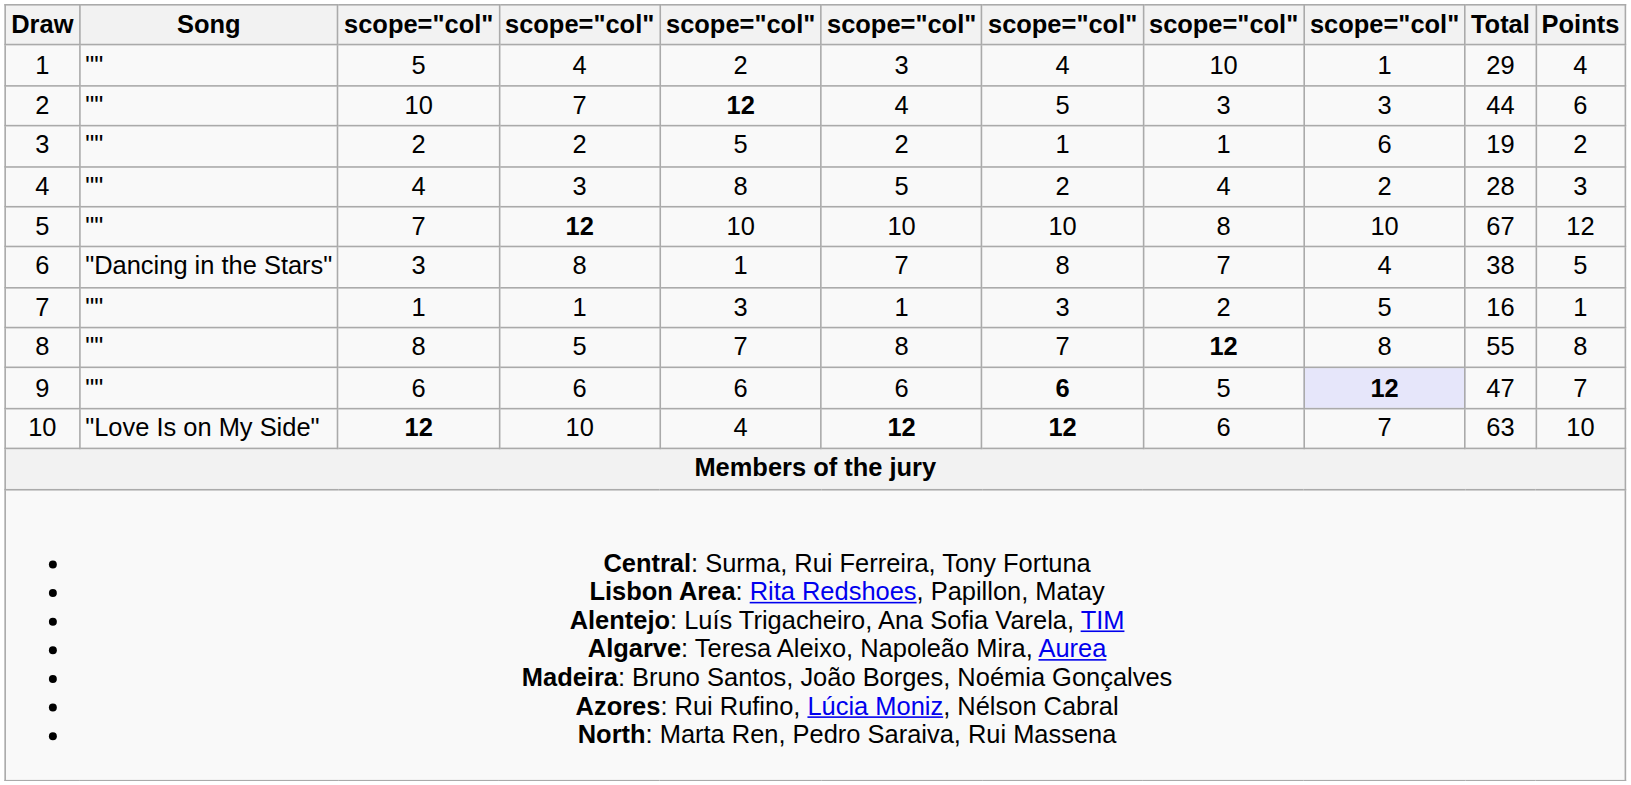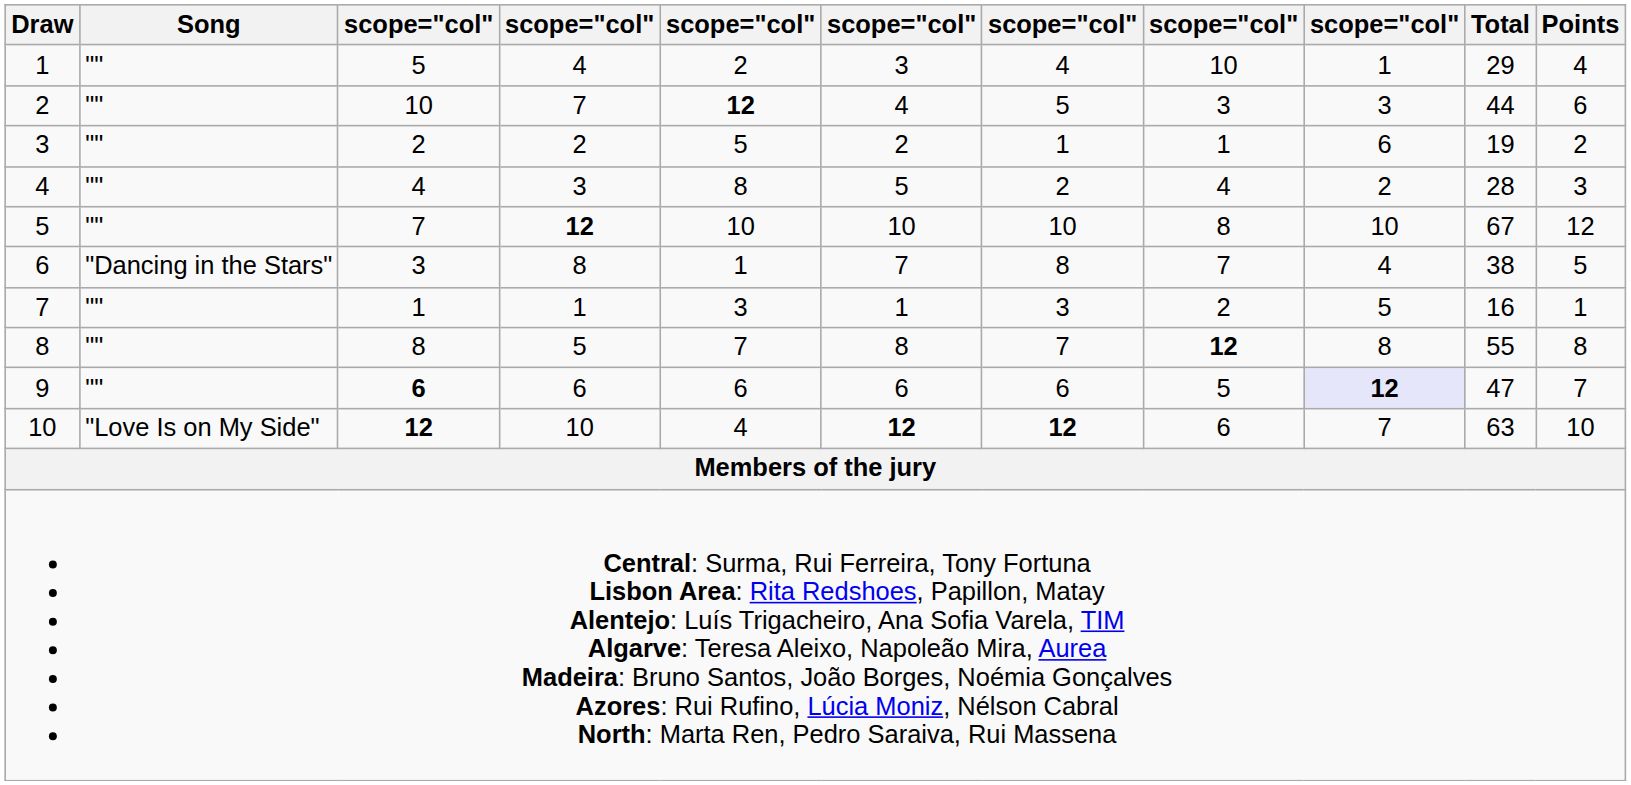 <table class="wikitable collapsible" style="margin: 1em auto 1em auto; text-align:center;">
 <tr>
 <th>Draw</th>
 <th>Song</th>
 <th>scope="col" </th>
 <th>scope="col" </th>
 <th>scope="col" </th>
 <th>scope="col" </th>
 <th>scope="col" </th>
 <th>scope="col" </th>
 <th>scope="col" </th>
 <th>Total</th>
 <th>Points</th>
 </tr>
 <tr>
 <td>1</td>
 <td align="left">""</td>
 <td>5</td>
 <td>4</td>
 <td>2</td>
 <td>3</td>
 <td>4</td>
 <td>10</td>
 <td>1</td>
 <td>29</td>
 <td>4</td>
 </tr>
 <tr>
 <td>2</td>
 <td align="left">""</td>
 <td>10</td>
 <td>7</td>
 <td><strong>12</strong></td>
 <td>4</td>
 <td>5</td>
 <td>3</td>
 <td>3</td>
 <td>44</td>
 <td>6</td>
 </tr>
 <tr>
 <td>3</td>
 <td align="left">""</td>
 <td>2</td>
 <td>2</td>
 <td>5</td>
 <td>2</td>
 <td>1</td>
 <td>1</td>
 <td>6</td>
 <td>19</td>
 <td>2</td>
 </tr>
 <tr>
 <td>4</td>
 <td align="left">""</td>
 <td>4</td>
 <td>3</td>
 <td>8</td>
 <td>5</td>
 <td>2</td>
 <td>4</td>
 <td>2</td>
 <td>28</td>
 <td>3</td>
 </tr>
 <tr>
 <td>5</td>
 <td align="left">""</td>
 <td>7</td>
 <td><strong>12</strong></td>
 <td>10</td>
 <td>10</td>
 <td>10</td>
 <td>8</td>
 <td>10</td>
 <td>67</td>
 <td>12</td>
 </tr>
 <tr>
 <td>6</td>
 <td align="left">"Dancing in the Stars"</td>
 <td>3</td>
 <td>8</td>
 <td>1</td>
 <td>7</td>
 <td>8</td>
 <td>7</td>
 <td>4</td>
 <td>38</td>
 <td>5</td>
 </tr>
 <tr>
 <td>7</td>
 <td align="left">""</td>
 <td>1</td>
 <td>1</td>
 <td>3</td>
 <td>1</td>
 <td>3</td>
 <td>2</td>
 <td>5</td>
 <td>16</td>
 <td>1</td>
 </tr>
 <tr>
 <td>8</td>
 <td align="left">""</td>
 <td>8</td>
 <td>5</td>
 <td>7</td>
 <td>8</td>
 <td>7</td>
 <td><strong>12</strong></td>
 <td>8</td>
 <td>55</td>
 <td>8</td>
 </tr>
 <tr>
 <td>9</td>
 <td align="left">""</td>
+<td><strong>6</strong></td>
 <td>6</td>
 <td>6</td>
 <td>6</td>
 <td>6</td>
-<td><strong>6</strong></td>
 <td>5</td>
 <td style="background: lavender;"><strong>12</strong></td>
 <td>47</td>
 <td>7</td>
 </tr>
 <tr>
 <td>10</td>
 <td align="left">"Love Is on My Side"</td>
 <td><strong>12</strong></td>
 <td>10</td>
 <td>4</td>
 <td><strong>12</strong></td>
 <td><strong>12</strong></td>
 <td>6</td>
 <td>7</td>
 <td>63</td>
 <td>10</td>
 </tr>
 <tr>
 <th colspan="11">Members of the jury</th>
 </tr>
 <tr>
 <td colspan="11"><br><ul><li><strong>Central</strong>: Surma, Rui Ferreira, Tony Fortuna</li><li><strong>Lisbon Area</strong>: <a href='#'>Rita Redshoes</a>, Papillon, Matay</li><li><strong>Alentejo</strong>: Luís Trigacheiro, Ana Sofia Varela, <a href='#'>TIM</a></li><li><strong>Algarve</strong>: Teresa Aleixo, Napoleão Mira, <a href='#'>Aurea</a></li><li><strong>Madeira</strong>: Bruno Santos, João Borges, Noémia Gonçalves</li><li><strong>Azores</strong>: Rui Rufino, <a href='#'>Lúcia Moniz</a>, Nélson Cabral</li><li><strong>North</strong>: Marta Ren, Pedro Saraiva, Rui Massena</li></ul></td>
 </tr>
 </table>
